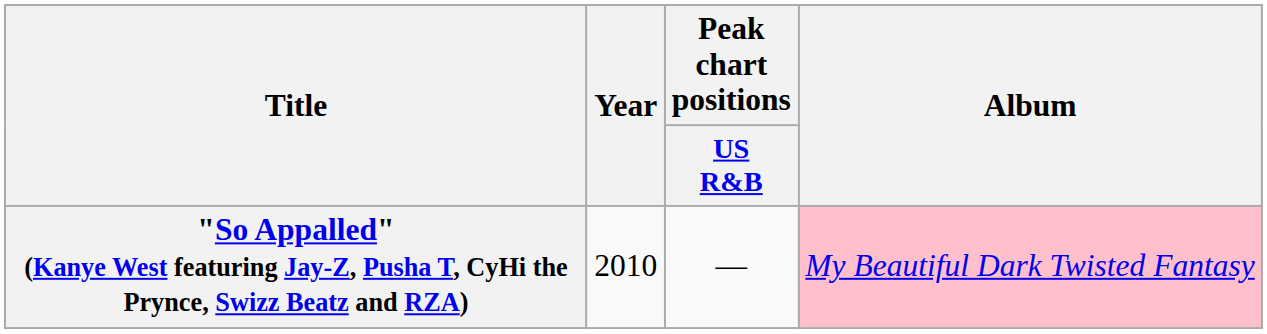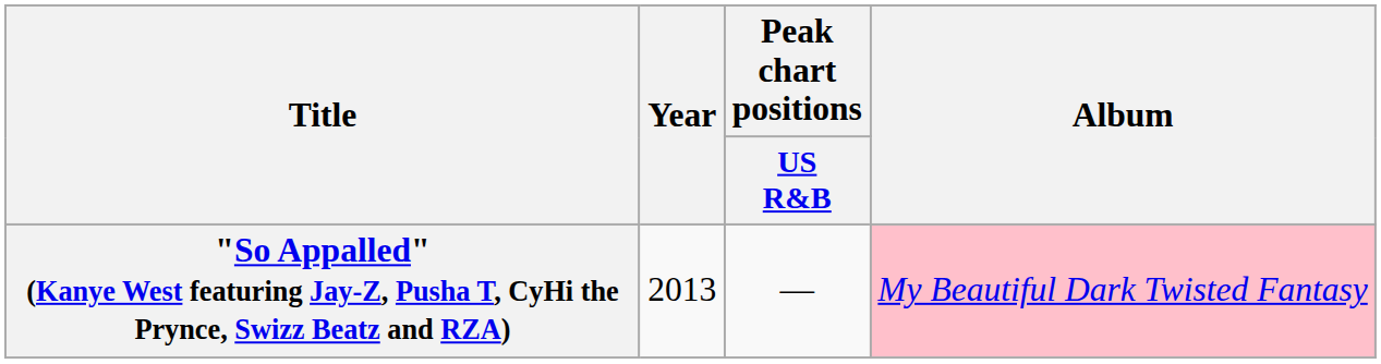 <table class="wikitable plainrowheaders" style="text-align:center;">
 <tr>
 <th scope="col" rowspan="2" style="width:18em;">Title</th>
 <th scope="col" rowspan="2">Year</th>
 <th scope="col">Peak chart positions</th>
 <th scope="col" rowspan="2">Album</th>
 </tr>
 <tr>
 <th scope="col" style="width:3em;font-size:90%;"><a href='#'>US<br>R&B</a><br></th>
 </tr>
 <tr>
 <th scope="row">"<a href='#'>So Appalled</a>" <br><small>(<a href='#'>Kanye West</a> featuring <a href='#'>Jay-Z</a>, <a href='#'>Pusha T</a>, CyHi the Prynce, <a href='#'>Swizz Beatz</a> and <a href='#'>RZA</a>)</small></th>
-<td>2010</td>
+<td>2013</td>
 <td>—</td>
 <td style="background: pink;"><em><a href='#'>My Beautiful Dark Twisted Fantasy</a></em></td>
 </tr>
 </table>
